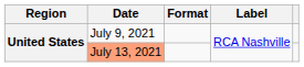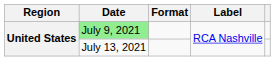 <table class="wikitable plainrowheaders">
 <tr>
 <th scope="col">Region</th>
 <th scope="col">Date</th>
 <th scope="col">Format</th>
 <th scope="col">Label</th>
 <th scope="col"></th>
 </tr>
 <tr>
 <th scope="row" rowspan="2">United States</th>
-<td>July 9, 2021</td>
+<td style="background: lightgreen;">July 9, 2021</td>
 <td></td>
 <td rowspan="2"><a href='#'>RCA Nashville</a></td>
 <td></td>
 </tr>
 <tr>
-<td style="background: lightsalmon;">July 13, 2021</td>
+<td>July 13, 2021</td>
 <td></td>
 <td></td>
 </tr>
 </table>
